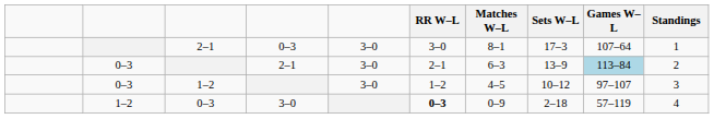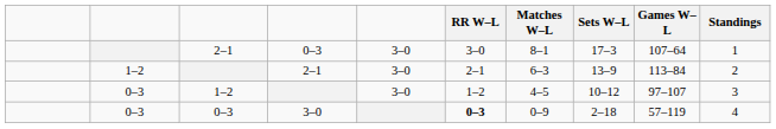 <table class="wikitable" style="width: 100%; text-align:center; font-size:90%">
 <tr>
 <td width=130></td>
 <td width=130></td>
 <td width=130></td>
 <td width=130></td>
 <td width=130></td>
 <th width=80>RR W–L</th>
 <th width=80>Matches W–L</th>
 <th width=80>Sets W–L</th>
 <th width=80>Games W–L</th>
 <th width=80>Standings</th>
 </tr>
 <tr>
 <td style="text-align:left;"></td>
 <th bgcolor="ededed"></th>
 <td>2–1</td>
 <td>0–3</td>
 <td>3–0</td>
 <td>3–0</td>
 <td>8–1</td>
 <td>17–3</td>
 <td>107–64</td>
 <td>1</td>
 </tr>
 <tr>
 <td style="text-align:left;"></td>
-<td>0–3</td>
+<td>1–2</td>
 <th bgcolor="ededed"></th>
 <td>2–1</td>
 <td>3–0</td>
 <td>2–1</td>
 <td>6–3</td>
 <td>13–9</td>
-<td style="background: lightblue;">113–84</td>
+<td>113–84</td>
 <td>2</td>
 </tr>
 <tr>
 <td style="text-align:left;"></td>
 <td>0–3</td>
 <td>1–2</td>
 <th bgcolor="ededed"></th>
 <td>3–0</td>
 <td>1–2</td>
 <td>4–5</td>
 <td>10–12</td>
 <td>97–107</td>
 <td>3</td>
 </tr>
 <tr>
 <td style="text-align:left;"></td>
-<td>1–2</td>
+<td>0–3</td>
 <td>0–3</td>
 <td>3–0</td>
 <th bgcolor="ededed"></th>
 <td><strong>0–3</strong></td>
 <td>0–9</td>
 <td>2–18</td>
 <td>57–119</td>
 <td>4</td>
 </tr>
 </table>
